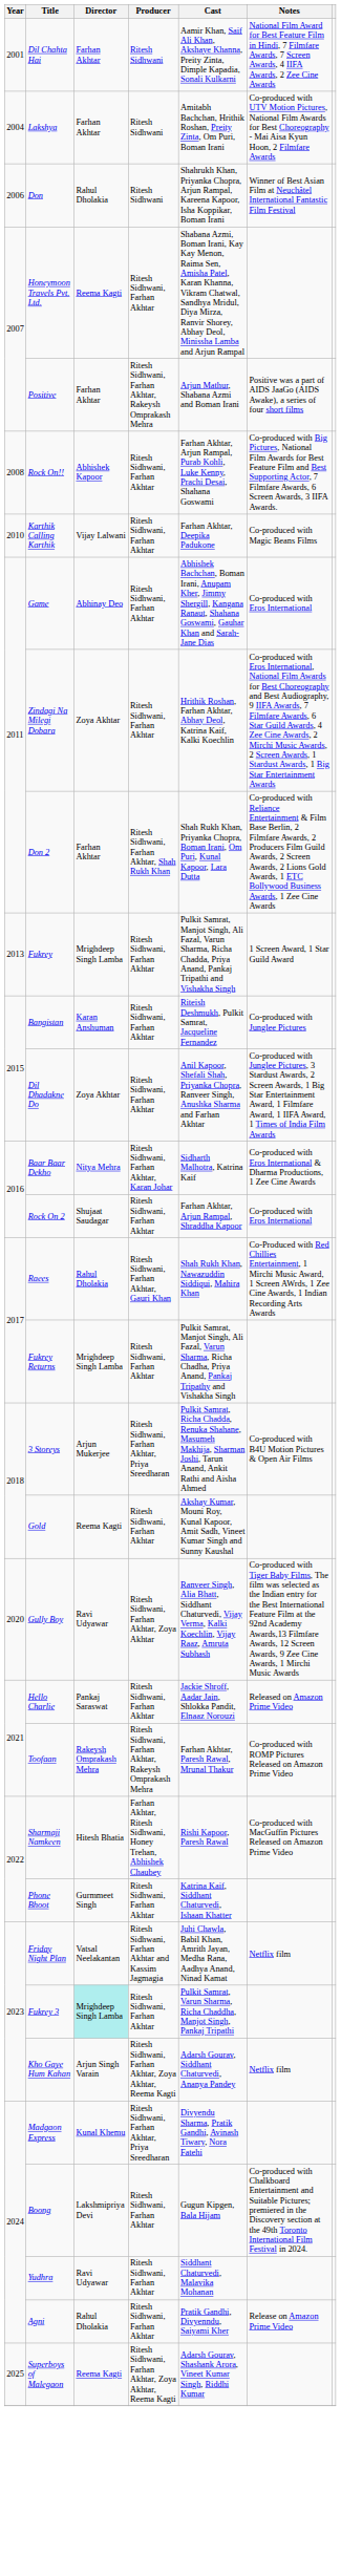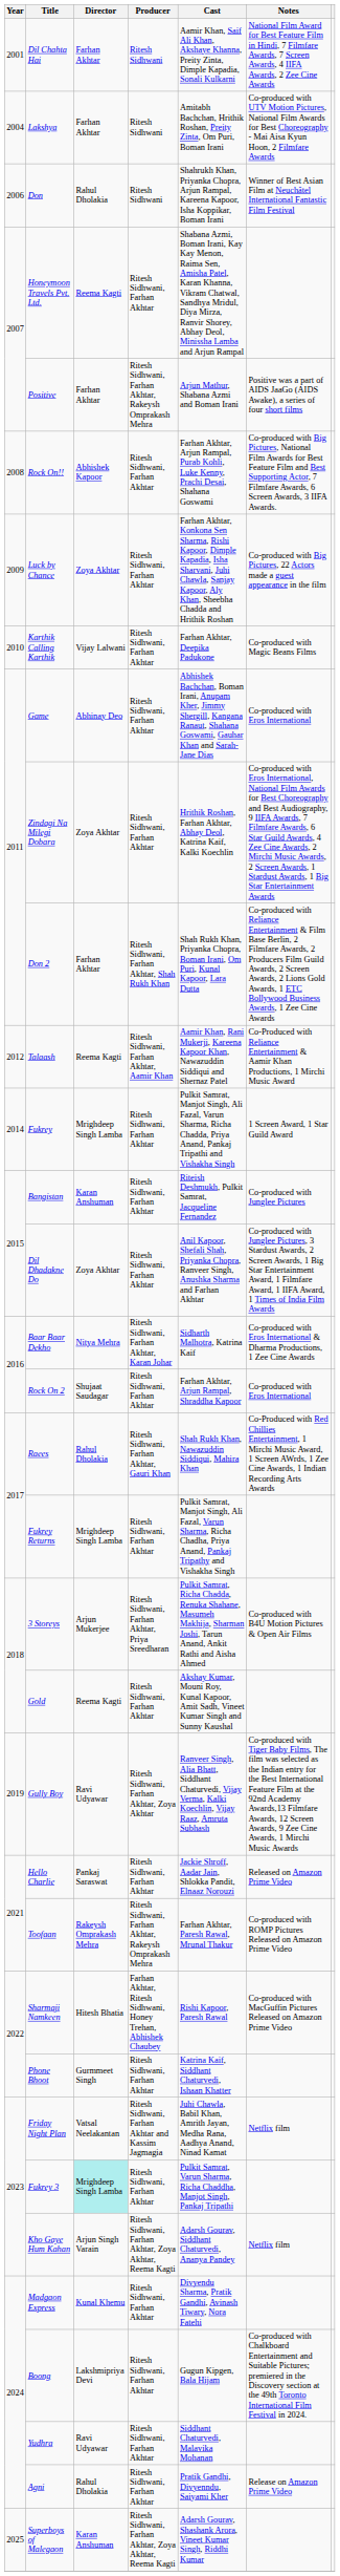 <table class="wikitable plainrowheaders sortable">
 <tr>
 <th scope="col">Year</th>
 <th scope="col">Title</th>
 <th scope="col">Director</th>
 <th scope="col">Producer</th>
 <th scope="col">Cast</th>
 <th scope="col">Notes</th>
 <th scope="col" class="unsortable"></th>
 </tr>
 <tr>
 <td>2001</td>
 <td><em><a href='#'>Dil Chahta Hai</a></em></td>
 <td><a href='#'>Farhan Akhtar</a></td>
 <td><a href='#'>Ritesh Sidhwani</a></td>
 <td>Aamir Khan, <a href='#'>Saif Ali Khan</a>, <a href='#'>Akshaye Khanna</a>, Preity Zinta, Dimple Kapadia, <a href='#'>Sonali Kulkarni</a></td>
 <td><a href='#'>National Film Award for Best Feature Film in Hindi</a>, 7 <a href='#'>Filmfare Awards</a>, 7 <a href='#'>Screen Awards</a>, 4 <a href='#'>IIFA Awards</a>, 2 <a href='#'>Zee Cine Awards</a></td>
 <td></td>
 </tr>
 <tr>
 <td>2004</td>
 <td><em><a href='#'>Lakshya</a></em></td>
 <td>Farhan Akhtar</td>
 <td>Ritesh Sidhwani</td>
 <td>Amitabh Bachchan, Hrithik Roshan, <a href='#'>Preity Zinta</a>, Om Puri, Boman Irani</td>
 <td>Co-produced with <a href='#'>UTV Motion Pictures</a>,  National Film Awards for Best <a href='#'>Choreography</a> - Mai Aisa Kyun Hoon, 2 <a href='#'>Filmfare Awards</a></td>
 <td></td>
 </tr>
 <tr>
 <td>2006</td>
 <td><em><a href='#'>Don</a></em></td>
 <td>Rahul Dholakia</td>
 <td>Ritesh Sidhwani</td>
 <td>Shahrukh Khan, Priyanka Chopra, Arjun Rampal, Kareena Kapoor, Isha Koppikar, Boman Irani</td>
 <td>Winner of Best Asian Film at <a href='#'>Neuchâtel International Fantastic Film Festival</a></td>
 <td></td>
 </tr>
 <tr>
 <td rowspan="2">2007</td>
 <td><em><a href='#'>Honeymoon Travels Pvt. Ltd.</a></em></td>
 <td><a href='#'>Reema Kagti</a></td>
 <td>Ritesh Sidhwani, Farhan Akhtar</td>
 <td>Shabana Azmi, Boman Irani, Kay Kay Menon, Raima Sen, <a href='#'>Amisha Patel</a>, Karan Khanna, Vikram Chatwal, Sandhya Mridul, Diya Mirza, Ranvir Shorey, Abhay Deol, <a href='#'>Minissha Lamba</a> and Arjun Rampal</td>
 <td></td>
 <td></td>
 </tr>
 <tr>
 <td><em><a href='#'>Positive</a></em></td>
 <td>Farhan Akhtar</td>
 <td>Ritesh Sidhwani, Farhan Akhtar, Rakeysh Omprakash Mehra</td>
 <td><a href='#'>Arjun Mathur</a>, Shabana Azmi and Boman Irani</td>
 <td>Positive was a part of AIDS JaaGo (AIDS Awake), a series of four <a href='#'>short films</a></td>
 <td></td>
 </tr>
 <tr>
 <td>2008</td>
 <td><em><a href='#'>Rock On!!</a></em></td>
 <td><a href='#'>Abhishek Kapoor</a></td>
 <td>Ritesh Sidhwani, Farhan Akhtar</td>
 <td>Farhan Akhtar, Arjun Rampal, <a href='#'>Purab Kohli</a>, <a href='#'>Luke Kenny</a>, <a href='#'>Prachi Desai</a>, Shahana Goswami</td>
 <td>Co-produced with <a href='#'>Big Pictures</a>, National Film Awards for Best Feature Film and <a href='#'>Best Supporting Actor</a>, 7 Filmfare Awards, 6 Screen Awards, 3 IIFA Awards.</td>
 <td></td>
 </tr>
 <tr>
+<td>2009</td>
+<td><em><a href='#'>Luck by Chance</a></em></td>
+<td><a href='#'>Zoya Akhtar</a></td>
+<td>Ritesh Sidhwani, Farhan Akhtar</td>
+<td>Farhan Akhtar, <a href='#'>Konkona Sen Sharma</a>, <a href='#'>Rishi Kapoor</a>, <a href='#'>Dimple Kapadia</a>, <a href='#'>Isha Sharvani</a>, <a href='#'>Juhi Chawla</a>, <a href='#'>Sanjay Kapoor</a>, <a href='#'>Aly Khan</a>, Sheebha Chadda and Hrithik Roshan</td>
+<td>Co-produced with <a href='#'>Big Pictures</a>, 22 <a href='#'>Actors</a> made a <a href='#'>guest appearance</a> in the film</td>
+<td></td>
+</tr>
+<tr>
 <td>2010</td>
 <td><em><a href='#'>Karthik Calling Karthik</a></em></td>
 <td>Vijay Lalwani</td>
 <td>Ritesh Sidhwani, Farhan Akhtar</td>
 <td>Farhan Akhtar, <a href='#'>Deepika Padukone</a></td>
 <td>Co-produced with Magic Beans Films</td>
 <td></td>
 </tr>
 <tr>
 <td rowspan="3">2011</td>
 <td><em><a href='#'>Game</a></em></td>
 <td><a href='#'>Abhinay Deo</a></td>
 <td>Ritesh Sidhwani, Farhan Akhtar</td>
 <td><a href='#'>Abhishek Bachchan</a>, Boman Irani, <a href='#'>Anupam Kher</a>, <a href='#'>Jimmy Shergill</a>, <a href='#'>Kangana Ranaut</a>, <a href='#'>Shahana Goswami</a>, <a href='#'>Gauhar Khan</a> and <a href='#'>Sarah-Jane Dias</a></td>
 <td>Co-produced with <a href='#'>Eros International</a></td>
 <td></td>
 </tr>
 <tr>
 <td><em><a href='#'>Zindagi Na Milegi Dobara</a></em></td>
 <td>Zoya Akhtar</td>
 <td>Ritesh Sidhwani, Farhan Akhtar</td>
 <td><a href='#'>Hrithik Roshan</a>, Farhan Akhtar, <a href='#'>Abhay Deol</a>, Katrina Kaif, Kalki Koechlin</td>
 <td>Co-produced with <a href='#'>Eros International</a>, <a href='#'>National Film Awards</a> for <a href='#'>Best Choreography</a> and Best Audiography, 9 <a href='#'>IIFA Awards</a>, 7 <a href='#'>Filmfare Awards</a>, 6 <a href='#'>Star Guild Awards</a>, 4 <a href='#'>Zee Cine Awards</a>, 2 <a href='#'>Mirchi Music Awards</a>, 2 <a href='#'>Screen Awards</a>, 1 <a href='#'>Stardust Awards</a>, 1 <a href='#'>Big Star Entertainment Awards</a></td>
 <td></td>
 </tr>
 <tr>
 <td><em><a href='#'>Don 2</a></em></td>
 <td>Farhan Akhtar</td>
 <td>Ritesh Sidhwani, Farhan Akhtar, <a href='#'>Shah Rukh Khan</a></td>
 <td>Shah Rukh Khan, Priyanka Chopra, <a href='#'>Boman Irani</a>, <a href='#'>Om Puri</a>, <a href='#'>Kunal Kapoor</a>, <a href='#'>Lara Dutta</a></td>
 <td>Co-produced with <a href='#'>Reliance Entertainment</a> & Film Base Berlin,  2 Filmfare Awards, 2 Producers Film Guild Awards, 2 Screen Awards, 2 Lions Gold Awards, 1 <a href='#'>ETC Bollywood Business Awards</a>, 1 Zee Cine Awards</td>
 <td></td>
 </tr>
 <tr>
-<td>2013</td>
+<td>2012</td>
+<td><em><a href='#'>Talaash</a></em></td>
+<td>Reema Kagti</td>
+<td>Ritesh Sidhwani, Farhan Akhtar, <a href='#'>Aamir Khan</a></td>
+<td><a href='#'>Aamir Khan</a>, <a href='#'>Rani Mukerji</a>, <a href='#'>Kareena Kapoor Khan</a>, Nawazuddin Siddiqui and Shernaz Patel</td>
+<td>Co-Produced with <a href='#'>Reliance Entertainment</a> & Aamir Khan Productions, 1 Mirchi Music Award</td>
+<td></td>
+</tr>
+<tr>
+<td>2014</td>
 <td><em><a href='#'>Fukrey</a></em></td>
 <td>Mrighdeep Singh Lamba</td>
 <td>Ritesh Sidhwani, Farhan Akhtar</td>
 <td>Pulkit Samrat, Manjot Singh, Ali Fazal, Varun Sharma, Richa Chadda, Priya Anand, Pankaj Tripathi and <a href='#'>Vishakha Singh</a></td>
 <td>1 Screen Award, 1 Star Guild Award</td>
 <td></td>
 </tr>
 <tr>
 <td rowspan="2">2015</td>
 <td><em><a href='#'>Bangistan</a></em></td>
 <td><a href='#'>Karan Anshuman</a></td>
 <td>Ritesh Sidhwani, Farhan Akhtar</td>
 <td><a href='#'>Riteish Deshmukh</a>, Pulkit Samrat, <a href='#'>Jacqueline Fernandez</a></td>
 <td>Co-produced with <a href='#'>Junglee Pictures</a></td>
 <td></td>
 </tr>
 <tr>
 <td><em><a href='#'>Dil Dhadakne Do</a></em></td>
 <td>Zoya Akhtar</td>
 <td>Ritesh Sidhwani, Farhan Akhtar</td>
 <td><a href='#'>Anil Kapoor</a>, <a href='#'>Shefali Shah</a>, <a href='#'>Priyanka Chopra</a>, Ranveer Singh, <a href='#'>Anushka Sharma</a> and Farhan Akhtar</td>
 <td>Co-produced with <a href='#'>Junglee Pictures</a>, 3 Stardust Awards, 2 Screen Awards,  1 Big Star Entertainment Award, 1 Filmfare Award, 1 IIFA Award, 1 <a href='#'>Times of India Film Awards</a></td>
 <td></td>
 </tr>
 <tr>
 <td rowspan="2">2016</td>
 <td><em><a href='#'>Baar Baar Dekho</a></em></td>
 <td><a href='#'>Nitya Mehra</a></td>
 <td>Ritesh Sidhwani, Farhan Akhtar, <a href='#'>Karan Johar</a></td>
 <td><a href='#'>Sidharth Malhotra</a>, Katrina Kaif</td>
 <td>Co-produced with <a href='#'>Eros International</a> & Dharma Productions, 1 Zee Cine Awards</td>
 <td></td>
 </tr>
 <tr>
 <td><em><a href='#'>Rock On 2</a></em></td>
 <td>Shujaat Saudagar</td>
 <td>Ritesh Sidhwani, Farhan Akhtar</td>
 <td>Farhan Akhtar, <a href='#'>Arjun Rampal</a>, <a href='#'>Shraddha Kapoor</a></td>
 <td>Co-produced with <a href='#'>Eros International</a></td>
 <td></td>
 </tr>
 <tr>
 <td rowspan="2">2017</td>
 <td><em><a href='#'>Raees</a></em></td>
 <td><a href='#'>Rahul Dholakia</a></td>
 <td>Ritesh Sidhwani, Farhan Akhtar, <a href='#'>Gauri Khan</a></td>
 <td><a href='#'>Shah Rukh Khan</a>, <a href='#'>Nawazuddin Siddiqui</a>, <a href='#'>Mahira Khan</a></td>
 <td>Co-Produced with <a href='#'>Red Chillies Entertainment</a>,  1 Mirchi Music Award, 1 Screen AWrds, 1 Zee Cine Awards, 1 Indian Recording Arts Awards</td>
 <td></td>
 </tr>
 <tr>
 <td><em><a href='#'>Fukrey Returns</a></em></td>
 <td>Mrighdeep Singh Lamba</td>
 <td>Ritesh Sidhwani, Farhan Akhtar</td>
 <td>Pulkit Samrat, Manjot Singh, Ali Fazal, <a href='#'>Varun Sharma</a>, Richa Chadha, Priya Anand, <a href='#'>Pankaj Tripathy</a> and Vishakha Singh</td>
 <td></td>
 <td></td>
 </tr>
 <tr>
 <td rowspan="2">2018</td>
 <td><em><a href='#'>3 Storeys</a></em></td>
 <td>Arjun Mukerjee</td>
 <td>Ritesh Sidhwani, Farhan Akhtar, Priya Sreedharan</td>
 <td><a href='#'>Pulkit Samrat</a>, <a href='#'>Richa Chadda</a>, <a href='#'>Renuka Shahane</a>, <a href='#'>Masumeh Makhija</a>, <a href='#'>Sharman Joshi</a>, Tarun Anand, Ankit Rathi and Aisha Ahmed</td>
 <td>Co-produced with B4U Motion Pictures & Open Air Films</td>
 <td></td>
 </tr>
 <tr>
 <td><em><a href='#'>Gold</a></em></td>
 <td>Reema Kagti</td>
 <td>Ritesh Sidhwani, Farhan Akhtar</td>
 <td><a href='#'>Akshay Kumar</a>, Mouni Roy, Kunal Kapoor, Amit Sadh, Vineet Kumar Singh and Sunny Kaushal</td>
 <td></td>
 <td></td>
 </tr>
 <tr>
-<td>2020</td>
+<td>2019</td>
 <td><em><a href='#'>Gully Boy</a></em></td>
 <td>Ravi Udyawar</td>
 <td>Ritesh Sidhwani, Farhan Akhtar, Zoya Akhtar</td>
 <td><a href='#'>Ranveer Singh</a>, <a href='#'>Alia Bhatt</a>, Siddhant Chaturvedi, <a href='#'>Vijay Verma</a>, <a href='#'>Kalki Koechlin</a>, <a href='#'>Vijay Raaz</a>, <a href='#'>Amruta Subhash</a></td>
 <td>Co-produced with <a href='#'>Tiger Baby Films</a>, The film was selected as the Indian entry for the Best International Feature Film at the 92nd Academy Awards,13 Filmfare Awards, 12 Screen Awards, 9 Zee Cine Awards, 1 Mirchi Music Awards</td>
 <td></td>
 </tr>
 <tr>
 <td rowspan="2">2021</td>
 <td><em><a href='#'>Hello Charlie</a></em></td>
 <td>Pankaj Saraswat</td>
 <td>Ritesh Sidhwani, Farhan Akhtar</td>
 <td><a href='#'>Jackie Shroff</a>, <a href='#'>Aadar Jain</a>, Shlokka Pandit, <a href='#'>Elnaaz Norouzi</a></td>
 <td>Released on <a href='#'>Amazon Prime Video</a></td>
 <td></td>
 </tr>
 <tr>
 <td align="left"><em><a href='#'>Toofaan</a></em></td>
 <td><a href='#'>Rakeysh Omprakash Mehra</a></td>
 <td>Ritesh Sidhwani, Farhan Akhtar, Rakeysh Omprakash Mehra</td>
 <td>Farhan Akhtar, <a href='#'>Paresh Rawal</a>, <a href='#'>Mrunal Thakur</a></td>
 <td>Co-produced with ROMP Pictures<br>Released on Amazon Prime Video</td>
 <td></td>
 </tr>
 <tr>
 <td rowspan="2">2022</td>
 <td align="left"><em><a href='#'>Sharmaji Namkeen</a></em></td>
 <td>Hitesh Bhatia</td>
 <td>Farhan Akhtar, Ritesh Sidhwani, Honey Trehan, <a href='#'>Abhishek Chaubey</a></td>
 <td><a href='#'>Rishi Kapoor</a>, <a href='#'>Paresh Rawal</a></td>
 <td>Co-produced with MacGuffin Pictures<br>Released on Amazon Prime Video</td>
 <td></td>
 </tr>
 <tr>
 <td align="left"><em><a href='#'>Phone Bhoot</a></em></td>
 <td>Gurmmeet Singh</td>
 <td>Ritesh Sidhwani, Farhan Akhtar</td>
 <td><a href='#'>Katrina Kaif</a>, <a href='#'>Siddhant Chaturvedi</a>, <a href='#'>Ishaan Khatter</a></td>
 <td></td>
 <td></td>
 </tr>
 <tr>
 <td rowspan="3">2023</td>
 <td><em><a href='#'>Friday Night Plan</a></em></td>
 <td>Vatsal Neelakantan</td>
 <td>Ritesh Sidhwani, Farhan Akhtar and Kassim Jagmagia</td>
 <td><a href='#'>Juhi Chawla</a>, Babil Khan, Amrith Jayan, Medha Rana, Aadhya Anand, Ninad Kamat</td>
 <td><a href='#'>Netflix</a> film</td>
 <td></td>
 </tr>
 <tr>
 <td><em><a href='#'>Fukrey 3</a></em></td>
 <td style="background: paleturquoise;">Mrighdeep Singh Lamba</td>
 <td>Ritesh Sidhwani, Farhan Akhtar</td>
 <td><a href='#'>Pulkit Samrat</a>, <a href='#'>Varun Sharma</a>, <a href='#'>Richa Chaddha</a>, <a href='#'>Manjot Singh</a>, <a href='#'>Pankaj Tripathi</a></td>
 <td></td>
 <td></td>
 </tr>
 <tr>
 <td><em><a href='#'>Kho Gaye Hum Kahan</a></em></td>
 <td>Arjun Singh Varain</td>
 <td>Ritesh Sidhwani, Farhan Akhtar, Zoya Akhtar, Reema Kagti</td>
 <td><a href='#'>Adarsh Gourav</a>, <a href='#'>Siddhant Chaturvedi</a>, <a href='#'>Ananya Pandey</a></td>
 <td><a href='#'>Netflix</a> film</td>
 <td></td>
 </tr>
 <tr>
 <td rowspan="4">2024</td>
 <td><em><a href='#'>Madgaon Express</a></em></td>
 <td><a href='#'>Kunal Khemu</a></td>
-<td>Ritesh Sidhwani, Farhan Akhtar, Priya Sreedharan</td>
+<td>Ritesh Sidhwani, Farhan Akhtar</td>
 <td><a href='#'>Divyendu Sharma</a>, <a href='#'>Pratik Gandhi</a>, <a href='#'>Avinash Tiwary</a>, <a href='#'>Nora Fatehi</a></td>
 <td></td>
 <td></td>
 </tr>
 <tr>
 <td><em><a href='#'>Boong</a></em></td>
 <td>Lakshmipriya Devi</td>
 <td>Ritesh Sidhwani, Farhan Akhtar</td>
 <td>Gugun Kipgen, <a href='#'>Bala Hijam</a></td>
 <td>Co-produced with Chalkboard Entertainment and Suitable Pictures; premiered in the Discovery section at the 49th <a href='#'>Toronto International Film Festival</a> in 2024.</td>
 <td></td>
 </tr>
 <tr>
 <td><em><a href='#'>Yudhra</a></em></td>
 <td>Ravi Udyawar</td>
 <td>Ritesh Sidhwani, Farhan Akhtar</td>
 <td><a href='#'>Siddhant Chaturvedi</a>, <a href='#'>Malavika Mohanan</a></td>
 <td></td>
 <td></td>
 </tr>
 <tr>
 <td><em><a href='#'>Agni</a></em></td>
 <td>Rahul Dholakia</td>
 <td>Ritesh Sidhwani, Farhan Akhtar</td>
 <td><a href='#'>Pratik Gandhi</a>, <a href='#'>Divyenndu</a>, <a href='#'>Saiyami Kher</a></td>
 <td>Release on <a href='#'>Amazon Prime Video</a></td>
 <td></td>
 </tr>
 <tr>
 <td>2025</td>
 <td><em><a href='#'>Superboys of Malegaon</a></em></td>
-<td><a href='#'>Reema Kagti</a></td>
+<td><a href='#'>Karan Anshuman</a></td>
 <td>Ritesh Sidhwani, Farhan Akhtar, Zoya Akhtar, Reema Kagti</td>
 <td><a href='#'>Adarsh Gourav</a>, <a href='#'>Shashank Arora</a>, <a href='#'>Vineet Kumar Singh</a>, <a href='#'>Riddhi Kumar</a></td>
 <td></td>
 <td></td>
 </tr>
 <tr>
 </tr>
 </table>
